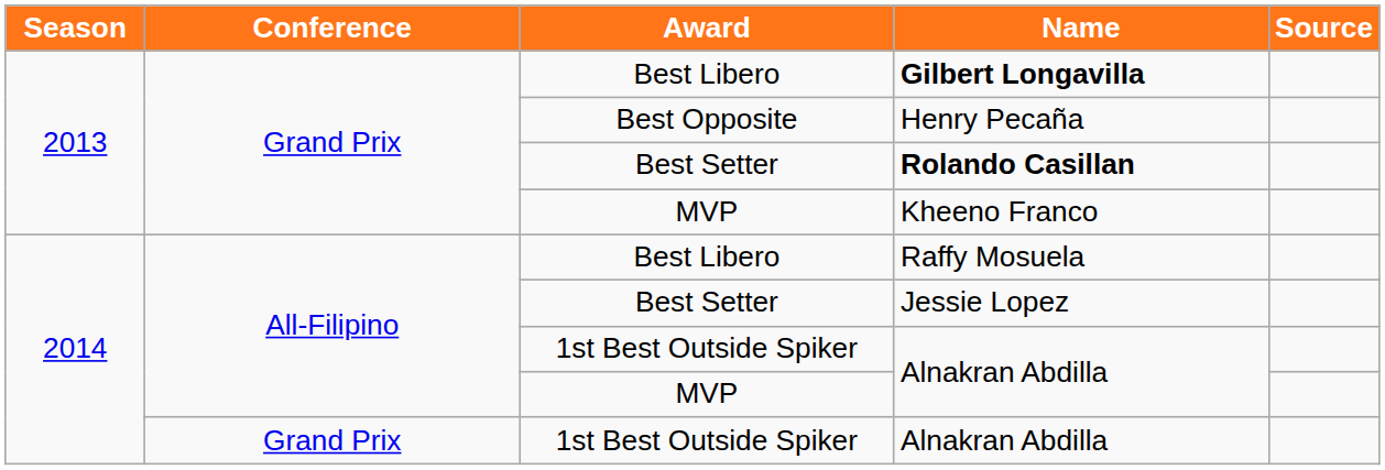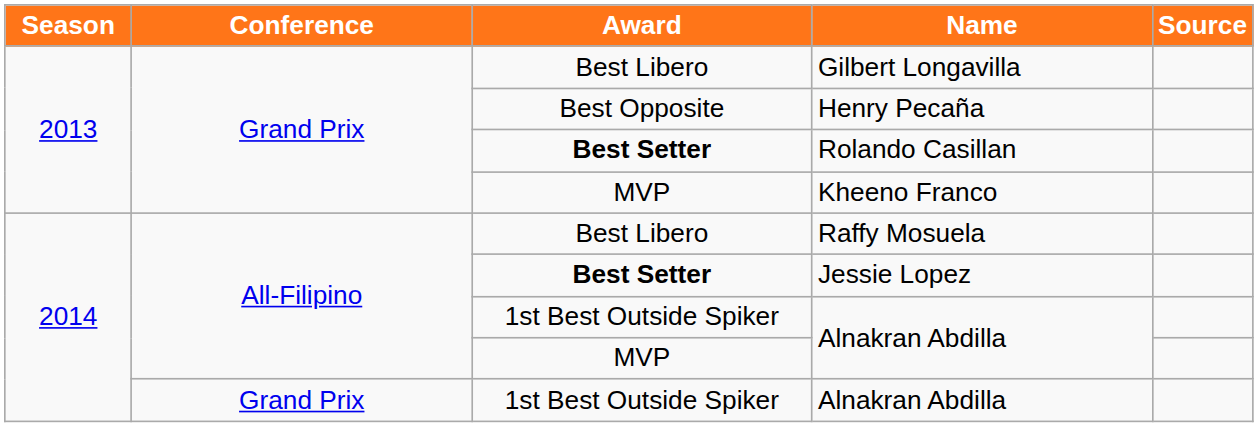 <table class="wikitable">
 <tr>
 <th width=70px style="background: #FF7518; color: white; text-align: center">Season</th>
 <th width=200px style="background: #FF7518; color: white; text-align: center">Conference</th>
 <th width=200px style="background: #FF7518; color: white; text-align: center">Award</th>
 <th width=200px style="background: #FF7518; color: white; text-align: center">Name</th>
 <th width=50px style="background: #FF7518; color: white; text-align: center">Source</th>
 </tr>
 <tr align=center>
 <td rowspan=4><a href='#'>2013</a></td>
 <td rowspan=4><a href='#'>Grand Prix</a></td>
 <td>Best Libero</td>
-<td align="left"><strong> Gilbert Longavilla</strong></td>
+<td align="left"> Gilbert Longavilla</td>
 <td></td>
 </tr>
 <tr align=center>
 <td>Best Opposite</td>
 <td align="left"> Henry Pecaña</td>
 <td></td>
 </tr>
 <tr align=center>
-<td>Best Setter</td>
-<td align="left"><strong> Rolando Casillan</strong></td>
+<td><strong>Best Setter</strong></td>
+<td align="left"> Rolando Casillan</td>
 <td></td>
 </tr>
 <tr align=center>
 <td>MVP</td>
 <td align="left"> Kheeno Franco</td>
 <td></td>
 </tr>
 <tr align=center>
 <td rowspan=5><a href='#'>2014</a></td>
 <td rowspan=4><a href='#'>All-Filipino</a></td>
 <td>Best Libero</td>
 <td align="left"> Raffy Mosuela</td>
 <td></td>
 </tr>
 <tr align=center>
-<td>Best Setter</td>
+<td><strong>Best Setter</strong></td>
 <td align="left"> Jessie Lopez</td>
 <td></td>
 </tr>
 <tr align=center>
 <td>1st Best Outside Spiker</td>
 <td rowspan=2 align="left"> Alnakran Abdilla</td>
 <td></td>
 </tr>
 <tr align=center>
 <td>MVP</td>
 <td></td>
 </tr>
 <tr align=center>
 <td><a href='#'>Grand Prix</a></td>
 <td>1st Best Outside Spiker</td>
 <td align="left"> Alnakran Abdilla</td>
 <td></td>
 </tr>
 </table>
